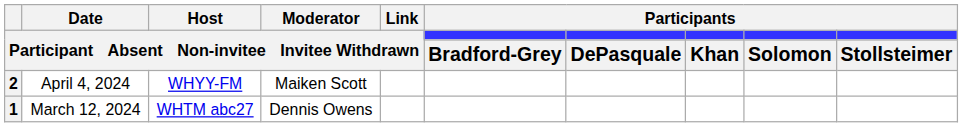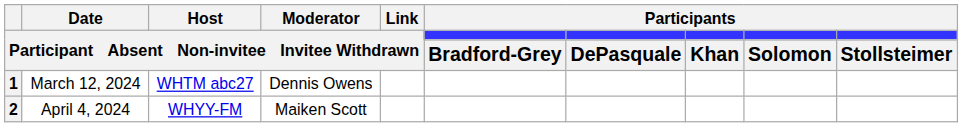 <table class="wikitable" style="text-align:center;">
 <tr style="font-size:small;">
 <th scope="col"></th>
 <th scope="col">Date</th>
 <th scope="col">Host</th>
 <th scope="col">Moderator</th>
 <th scope="col">Link</th>
 <th scope="col" colspan="5">Participants</th>
 </tr>
 <tr>
 <th colspan="5" rowspan="2"> <small>Participant  </small> <small>Absent  </small> <small>Non-invitee  </small> <small>Invitee Withdrawn</small></th>
 <th scope="col" style="background:#33f;"></th>
 <th scope="col" style="background:#33f;"></th>
 <th scope="col" style="background:#33f;"></th>
 <th scope="col" style="background:#33f;"></th>
 <th scope="col" style="background:#33f;"></th>
 </tr>
 <tr>
 <th scope="col">Bradford-Grey</th>
 <th scope="col">DePasquale</th>
 <th scope="col">Khan</th>
 <th scope="col">Solomon</th>
 <th scope="col">Stollsteimer</th>
 </tr>
 <tr style="background:#fff; font-size:small;">
+<th scope="row">1</th>
+<td style="white-space:nowrap;">March 12, 2024</td>
+<td style="white-space:nowrap;"><a href='#'>WHTM abc27</a></td>
+<td style="white-space:nowrap;">Dennis Owens</td>
+<td style="white-space:nowrap;"></td>
+<td></td>
+<td></td>
+<td></td>
+<td></td>
+<td></td>
+</tr>
+<tr style="background:#fff; font-size:small;">
 <th scope="row">2</th>
 <td style="white-space:nowrap;">April 4, 2024</td>
 <td style="white-space:nowrap;"><a href='#'>WHYY-FM</a></td>
 <td style="white-space:nowrap;">Maiken Scott</td>
 <td style="white-space:nowrap;"></td>
 <td></td>
 <td></td>
 <td></td>
 <td></td>
 <td></td>
 </tr>
-<tr style="background:#fff; font-size:small;">
-<th scope="row">1</th>
-<td style="white-space:nowrap;">March 12, 2024</td>
-<td style="white-space:nowrap;"><a href='#'>WHTM abc27</a></td>
-<td style="white-space:nowrap;">Dennis Owens</td>
-<td style="white-space:nowrap;"></td>
-<td></td>
-<td></td>
-<td></td>
-<td></td>
-<td></td>
-</tr>
 </table>
